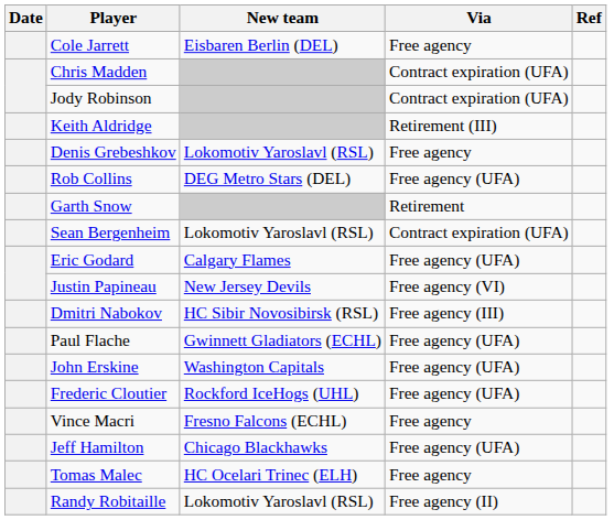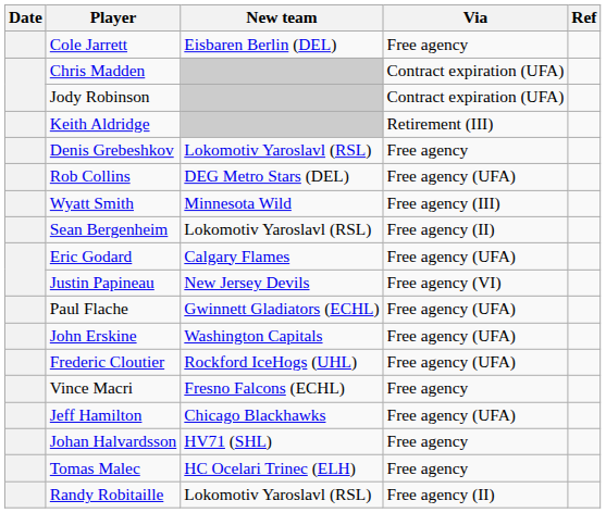 <table class="wikitable plainrowheaders">
 <tr style="background:#ddd; text-align:center;">
 <th>Date</th>
 <th>Player</th>
 <th>New team</th>
 <th>Via</th>
 <th>Ref</th>
 </tr>
 <tr>
 <th scope="row"></th>
 <td><a href='#'>Cole Jarrett</a></td>
 <td><a href='#'>Eisbaren Berlin</a> (<a href='#'>DEL</a>)</td>
 <td>Free agency</td>
 <td></td>
 </tr>
 <tr>
 <th scope="row" rowspan=2></th>
 <td><a href='#'>Chris Madden</a></td>
 <td style="background:#ccc"></td>
 <td>Contract expiration (UFA)</td>
 <td></td>
 </tr>
 <tr>
 <td>Jody Robinson</td>
 <td style="background:#ccc"></td>
 <td>Contract expiration (UFA)</td>
 <td></td>
 </tr>
 <tr>
 <th scope="row"></th>
 <td><a href='#'>Keith Aldridge</a></td>
 <td style="background:#ccc"></td>
 <td>Retirement (III)</td>
 <td></td>
 </tr>
 <tr>
 <th scope="row"></th>
 <td><a href='#'>Denis Grebeshkov</a></td>
 <td><a href='#'>Lokomotiv Yaroslavl</a> (<a href='#'>RSL</a>)</td>
 <td>Free agency</td>
 <td></td>
 </tr>
 <tr>
 <th scope="row"></th>
 <td><a href='#'>Rob Collins</a></td>
 <td><a href='#'>DEG Metro Stars</a> (DEL)</td>
 <td>Free agency (UFA)</td>
 <td></td>
 </tr>
 <tr>
 <th scope="row"></th>
-<td><a href='#'>Garth Snow</a></td>
-<td style="background:#ccc"></td>
-<td>Retirement</td>
+<td><a href='#'>Wyatt Smith</a></td>
+<td><a href='#'>Minnesota Wild</a></td>
+<td>Free agency (III)</td>
 <td></td>
 </tr>
 <tr>
 <th scope="row"></th>
 <td><a href='#'>Sean Bergenheim</a></td>
 <td>Lokomotiv Yaroslavl (RSL)</td>
-<td>Contract expiration (UFA)</td>
+<td>Free agency (II)</td>
 <td></td>
 </tr>
 <tr>
 <th scope="row" rowspan=2></th>
 <td><a href='#'>Eric Godard</a></td>
 <td><a href='#'>Calgary Flames</a></td>
 <td>Free agency (UFA)</td>
 <td></td>
 </tr>
 <tr>
 <td><a href='#'>Justin Papineau</a></td>
 <td><a href='#'>New Jersey Devils</a></td>
 <td>Free agency (VI)</td>
-<td></td>
-</tr>
-<tr>
-<th scope="row"></th>
-<td><a href='#'>Dmitri Nabokov</a></td>
-<td><a href='#'>HC Sibir Novosibirsk</a> (RSL)</td>
-<td>Free agency (III)</td>
 <td></td>
 </tr>
 <tr>
 <th scope="row"></th>
 <td>Paul Flache</td>
 <td><a href='#'>Gwinnett Gladiators</a> (<a href='#'>ECHL</a>)</td>
 <td>Free agency (UFA)</td>
 <td></td>
 </tr>
 <tr>
 <th scope="row"></th>
 <td><a href='#'>John Erskine</a></td>
 <td><a href='#'>Washington Capitals</a></td>
 <td>Free agency (UFA)</td>
 <td></td>
 </tr>
 <tr>
 <th scope="row"></th>
 <td><a href='#'>Frederic Cloutier</a></td>
 <td><a href='#'>Rockford IceHogs</a> (<a href='#'>UHL</a>)</td>
 <td>Free agency (UFA)</td>
 <td></td>
 </tr>
 <tr>
 <th scope="row"></th>
 <td>Vince Macri</td>
 <td><a href='#'>Fresno Falcons</a> (ECHL)</td>
 <td>Free agency</td>
 <td></td>
 </tr>
 <tr>
 <th scope="row"></th>
 <td><a href='#'>Jeff Hamilton</a></td>
 <td><a href='#'>Chicago Blackhawks</a></td>
 <td>Free agency (UFA)</td>
 <td></td>
 </tr>
 <tr>
 <th scope="row"></th>
+<td><a href='#'>Johan Halvardsson</a></td>
+<td><a href='#'>HV71</a> (<a href='#'>SHL</a>)</td>
+<td>Free agency</td>
+<td></td>
+</tr>
+<tr>
+<th scope="row"></th>
 <td><a href='#'>Tomas Malec</a></td>
 <td><a href='#'>HC Ocelari Trinec</a> (<a href='#'>ELH</a>)</td>
 <td>Free agency</td>
 <td></td>
 </tr>
 <tr>
 <th scope="row"></th>
 <td><a href='#'>Randy Robitaille</a></td>
 <td>Lokomotiv Yaroslavl (RSL)</td>
 <td>Free agency (II)</td>
 <td></td>
 </tr>
 </table>
